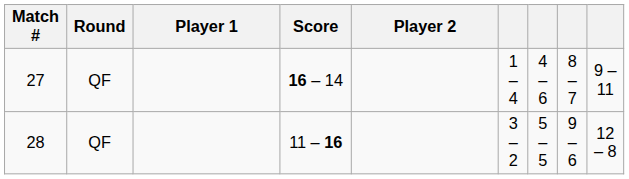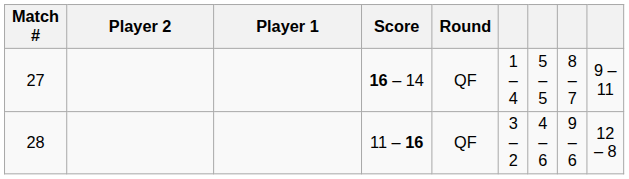 <table class="wikitable">
 <tr>
 <th width="2%">Match #</th>
-<th width="2%">Round</th>
+<th width="15%">Player 2</th>
 <th width="15%">Player 1</th>
 <th width="5%">Score</th>
-<th width="15%">Player 2</th>
+<th width="2%">Round</th>
 <th width="3%"></th>
 <th width="3%"></th>
 <th width="3%"></th>
 <th width="3%"></th>
 </tr>
 <tr style=text-align:center;"background:#;">
 <td>27</td>
-<td>QF</td>
+<td></td>
 <td></td>
 <td><strong>16</strong> – 14</td>
-<td></td>
+<td>QF</td>
 <td>1 – 4</td>
-<td>4 – 6</td>
+<td>5 – 5</td>
 <td>8 – 7</td>
 <td>9 – 11</td>
 </tr>
 <tr style=text-align:center;"background:#;">
 <td>28</td>
-<td>QF</td>
+<td></td>
 <td></td>
 <td>11 – <strong>16</strong></td>
-<td></td>
+<td>QF</td>
 <td>3 – 2</td>
-<td>5 – 5</td>
+<td>4 – 6</td>
 <td>9 – 6</td>
 <td>12 – 8</td>
 </tr>
 </table>
